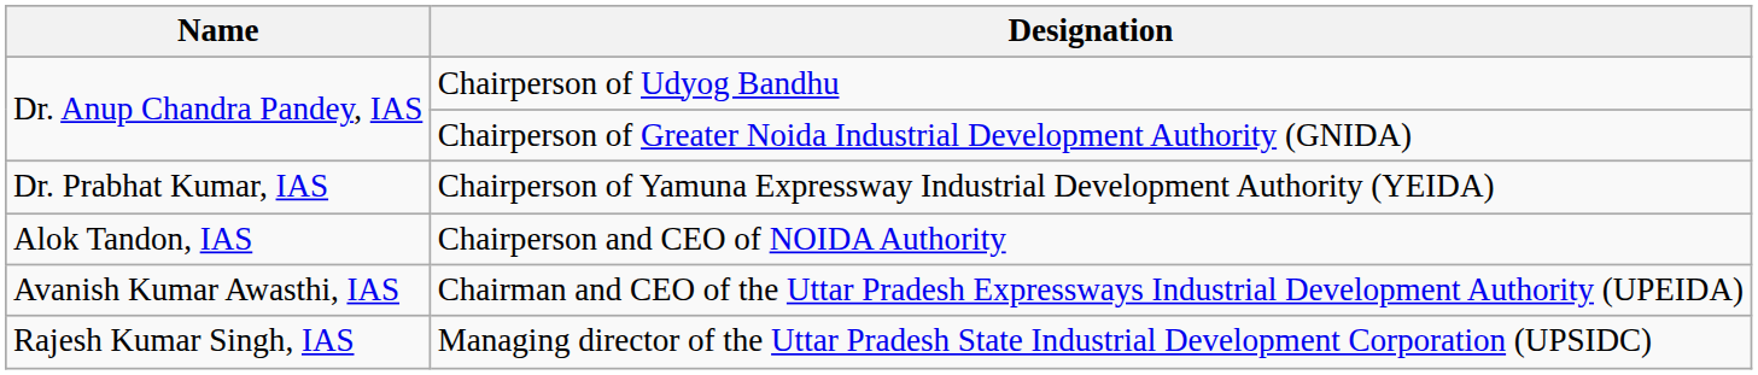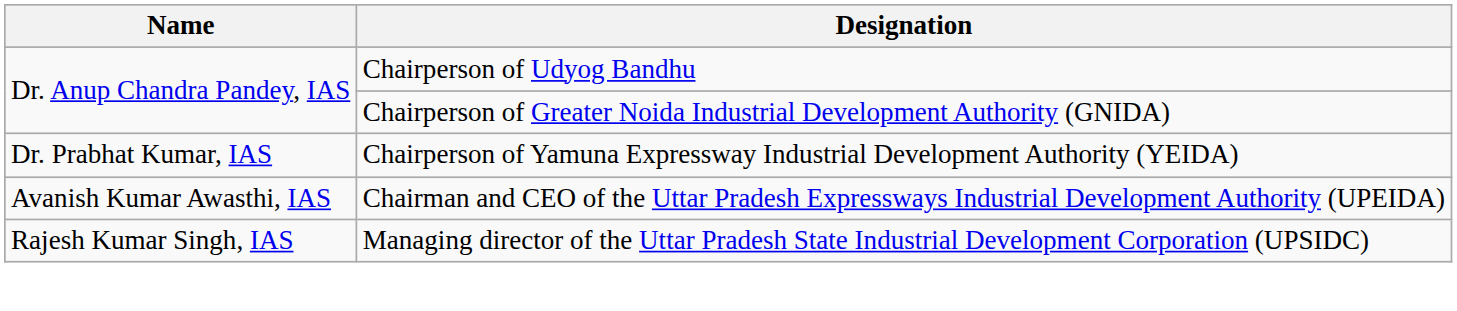 <table class="wikitable">
 <tr>
 <th>Name</th>
 <th>Designation</th>
 </tr>
 <tr>
 <td rowspan="2">Dr. <a href='#'>Anup Chandra Pandey</a>, <a href='#'>IAS</a></td>
 <td>Chairperson of <a href='#'>Udyog Bandhu</a></td>
 </tr>
 <tr>
 <td>Chairperson of <a href='#'>Greater Noida Industrial  Development Authority</a> (GNIDA)</td>
 </tr>
 <tr>
 <td>Dr. Prabhat Kumar, <a href='#'>IAS</a></td>
 <td>Chairperson of Yamuna Expressway Industrial Development Authority (YEIDA)</td>
 </tr>
 <tr>
-<td>Alok Tandon, <a href='#'>IAS</a></td>
-<td>Chairperson and CEO of <a href='#'>NOIDA Authority</a></td>
-</tr>
-<tr>
 <td>Avanish Kumar Awasthi, <a href='#'>IAS</a></td>
 <td>Chairman and CEO of the <a href='#'>Uttar Pradesh Expressways Industrial Development Authority</a> (UPEIDA)</td>
 </tr>
 <tr>
 <td>Rajesh Kumar Singh, <a href='#'>IAS</a></td>
 <td>Managing director of the <a href='#'>Uttar Pradesh State Industrial Development Corporation</a> (UPSIDC)</td>
 </tr>
 </table>
